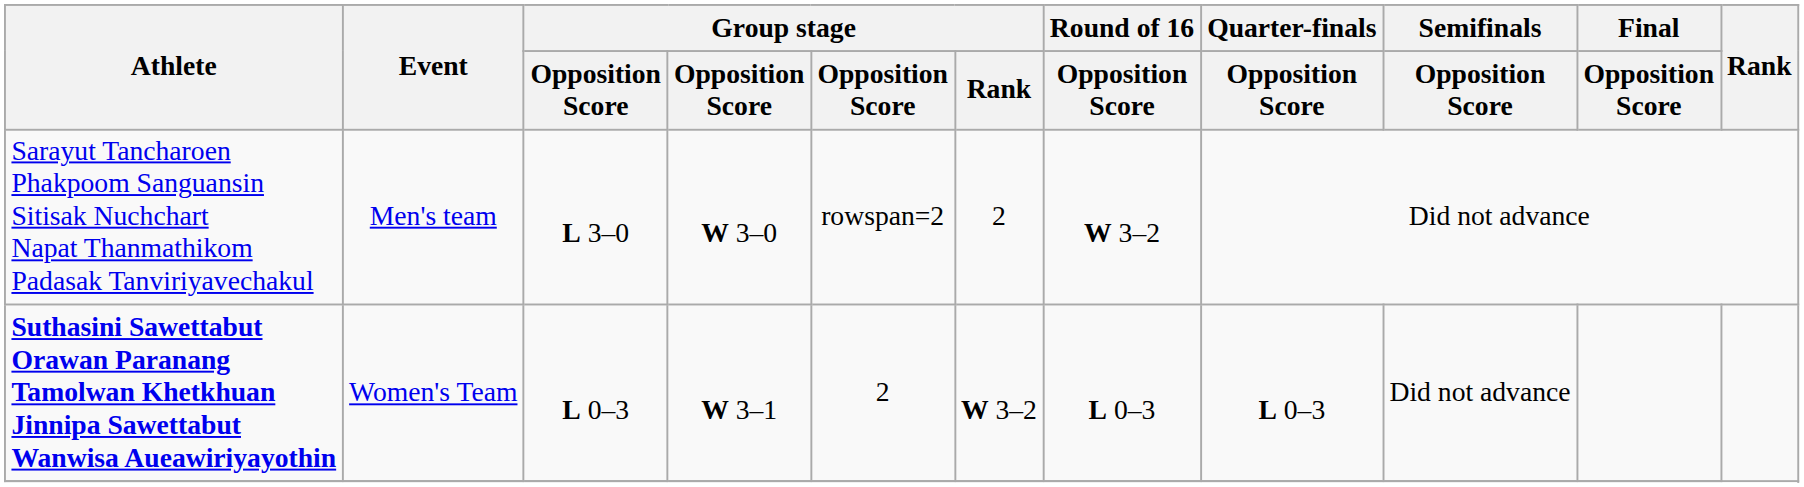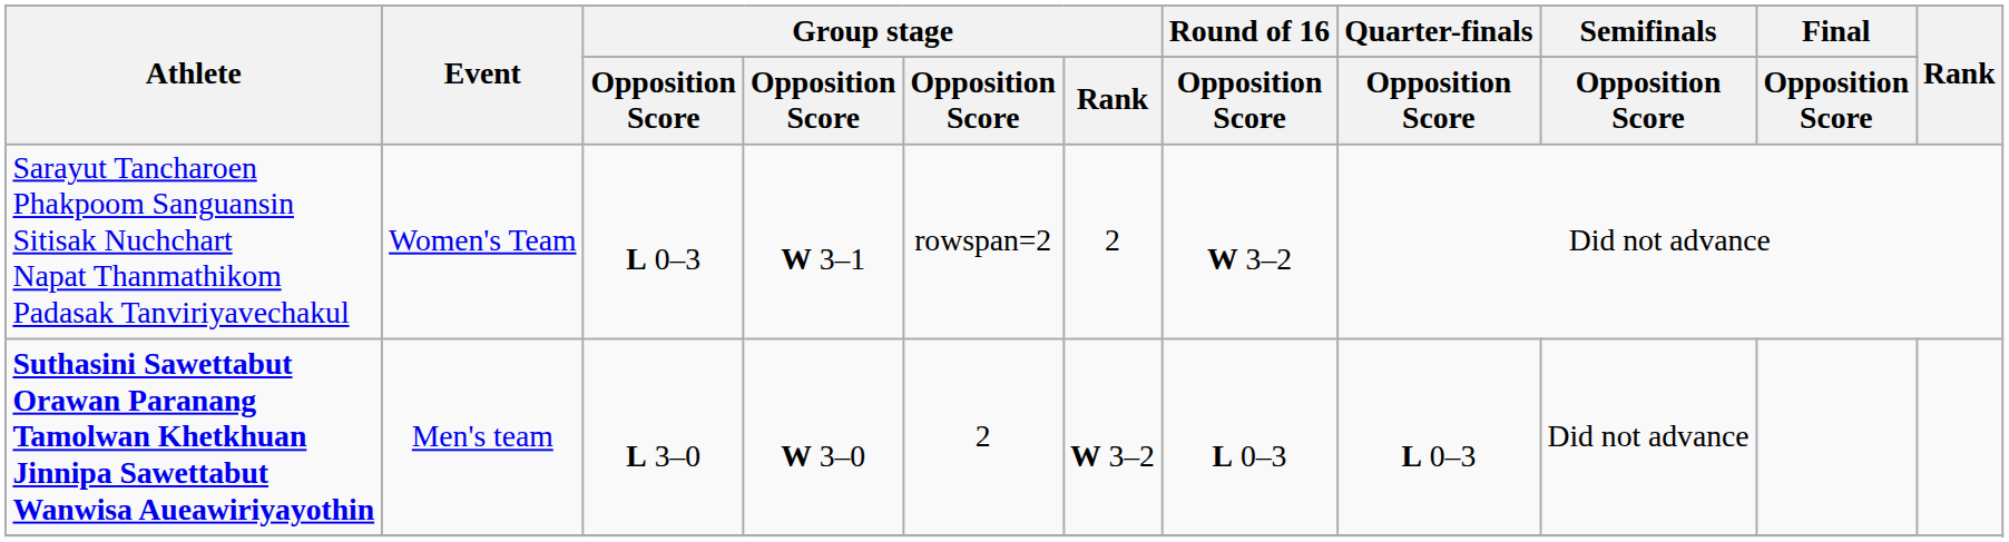 <table class=wikitable style="text-align:center; font-size:90%">
 <tr>
 <th rowspan="2">Athlete</th>
 <th rowspan=2>Event</th>
 <th colspan=4>Group stage</th>
 <th>Round of 16</th>
 <th>Quarter-finals</th>
 <th>Semifinals</th>
 <th>Final</th>
 <th rowspan="2">Rank</th>
 </tr>
 <tr>
 <th>Opposition<br>Score</th>
 <th>Opposition<br>Score</th>
 <th>Opposition<br>Score</th>
 <th>Rank</th>
 <th>Opposition<br>Score</th>
 <th>Opposition<br>Score</th>
 <th>Opposition<br>Score</th>
 <th>Opposition<br>Score</th>
 </tr>
 <tr>
 <td align=left><a href='#'>Sarayut Tancharoen</a><br><a href='#'>Phakpoom Sanguansin</a><br><a href='#'>Sitisak Nuchchart</a><br><a href='#'>Napat Thanmathikom</a><br><a href='#'>Padasak Tanviriyavechakul</a></td>
-<td><a href='#'>Men's team</a></td>
-<td><br><strong>L</strong> 3–0</td>
-<td><br><strong>W</strong> 3–0</td>
+<td><a href='#'>Women's Team</a></td>
+<td><br><strong>L</strong> 0–3</td>
+<td><br><strong>W</strong> 3–1</td>
 <td>rowspan=2 </td>
 <td>2 <strong></strong></td>
 <td><br><strong>W</strong> 3–2</td>
 <td colspan="4">Did not advance</td>
 </tr>
 <tr>
 <td align=left><strong><a href='#'>Suthasini Sawettabut</a><br><a href='#'>Orawan Paranang</a><br><a href='#'>Tamolwan Khetkhuan</a><br><a href='#'>Jinnipa Sawettabut</a><br><a href='#'>Wanwisa Aueawiriyayothin</a></strong></td>
-<td><a href='#'>Women's Team</a></td>
-<td><br><strong>L</strong> 0–3</td>
-<td><br><strong>W</strong> 3–1</td>
+<td><a href='#'>Men's team</a></td>
+<td><br><strong>L</strong> 3–0</td>
+<td><br><strong>W</strong> 3–0</td>
 <td>2 <strong></strong></td>
 <td><br><strong>W</strong> 3–2</td>
 <td><br><strong>L</strong> 0–3</td>
 <td><br><strong>L</strong> 0–3</td>
 <td>Did not advance</td>
 <td></td>
 </tr>
 <tr>
 </tr>
 </table>
